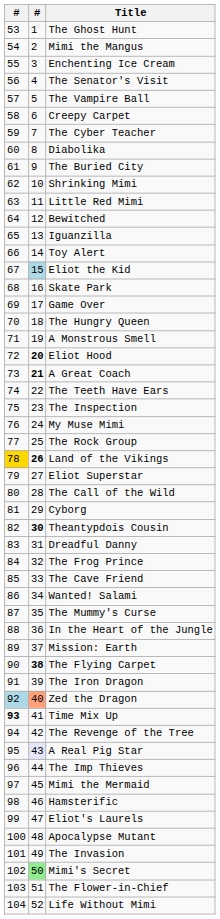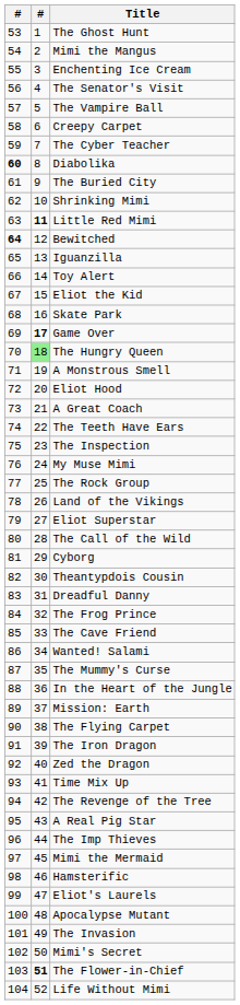 <table class="wikitable" border="1">
 <tr>
 <th>#</th>
 <th>#</th>
 <th>Title</th>
 </tr>
 <tr>
 <td>53</td>
 <td>1</td>
 <td>The Ghost Hunt</td>
 </tr>
 <tr>
 <td>54</td>
 <td>2</td>
 <td>Mimi the Mangus</td>
 </tr>
 <tr>
 <td>55</td>
 <td>3</td>
 <td>Enchenting Ice Cream</td>
 </tr>
 <tr>
 <td>56</td>
 <td>4</td>
 <td>The Senator's Visit</td>
 </tr>
 <tr>
 <td>57</td>
 <td>5</td>
 <td>The Vampire Ball</td>
 </tr>
 <tr>
 <td>58</td>
 <td>6</td>
 <td>Creepy Carpet</td>
 </tr>
 <tr>
 <td>59</td>
 <td>7</td>
 <td>The Cyber Teacher</td>
 </tr>
 <tr>
-<td>60</td>
+<td><strong>60</strong></td>
 <td>8</td>
 <td>Diabolika</td>
 </tr>
 <tr>
 <td>61</td>
 <td>9</td>
 <td>The Buried City</td>
 </tr>
 <tr>
 <td>62</td>
 <td>10</td>
 <td>Shrinking Mimi</td>
 </tr>
 <tr>
 <td>63</td>
-<td>11</td>
+<td><strong>11</strong></td>
 <td>Little Red Mimi</td>
 </tr>
 <tr>
-<td>64</td>
+<td><strong>64</strong></td>
 <td>12</td>
 <td>Bewitched</td>
 </tr>
 <tr>
 <td>65</td>
 <td>13</td>
 <td>Iguanzilla</td>
 </tr>
 <tr>
 <td>66</td>
 <td>14</td>
 <td>Toy Alert</td>
 </tr>
 <tr>
 <td>67</td>
-<td style="background: lightblue;">15</td>
+<td>15</td>
 <td>Eliot the Kid</td>
 </tr>
 <tr>
 <td>68</td>
 <td>16</td>
 <td>Skate Park</td>
 </tr>
 <tr>
 <td>69</td>
-<td>17</td>
+<td><strong>17</strong></td>
 <td>Game Over</td>
 </tr>
 <tr>
 <td>70</td>
-<td>18</td>
+<td style="background: lightgreen;">18</td>
 <td>The Hungry Queen</td>
 </tr>
 <tr>
 <td>71</td>
 <td>19</td>
 <td>A Monstrous Smell</td>
 </tr>
 <tr>
 <td>72</td>
-<td><strong>20</strong></td>
+<td>20</td>
 <td>Eliot Hood</td>
 </tr>
 <tr>
 <td>73</td>
-<td><strong>21</strong></td>
+<td>21</td>
 <td>A Great Coach</td>
 </tr>
 <tr>
 <td>74</td>
 <td>22</td>
 <td>The Teeth Have Ears</td>
 </tr>
 <tr>
 <td>75</td>
 <td>23</td>
 <td>The Inspection</td>
 </tr>
 <tr>
 <td>76</td>
 <td>24</td>
 <td>My Muse Mimi</td>
 </tr>
 <tr>
 <td>77</td>
 <td>25</td>
 <td>The Rock Group</td>
 </tr>
 <tr>
-<td style="background: gold;">78</td>
-<td><strong>26</strong></td>
+<td>78</td>
+<td>26</td>
 <td>Land of the Vikings</td>
 </tr>
 <tr>
 <td>79</td>
 <td>27</td>
 <td>Eliot Superstar</td>
 </tr>
 <tr>
 <td>80</td>
 <td>28</td>
 <td>The Call of the Wild</td>
 </tr>
 <tr>
 <td>81</td>
 <td>29</td>
 <td>Cyborg</td>
 </tr>
 <tr>
 <td>82</td>
-<td><strong>30</strong></td>
+<td>30</td>
 <td>Theantypdois Cousin</td>
 </tr>
 <tr>
 <td>83</td>
 <td>31</td>
 <td>Dreadful Danny</td>
 </tr>
 <tr>
 <td>84</td>
 <td>32</td>
 <td>The Frog Prince</td>
 </tr>
 <tr>
 <td>85</td>
 <td>33</td>
 <td>The Cave Friend</td>
 </tr>
 <tr>
 <td>86</td>
 <td>34</td>
 <td>Wanted! Salami</td>
 </tr>
 <tr>
 <td>87</td>
 <td>35</td>
 <td>The Mummy's Curse</td>
 </tr>
 <tr>
 <td>88</td>
 <td>36</td>
 <td>In the Heart of the Jungle</td>
 </tr>
 <tr>
 <td>89</td>
 <td>37</td>
 <td>Mission: Earth</td>
 </tr>
 <tr>
 <td>90</td>
-<td><strong>38</strong></td>
+<td>38</td>
 <td>The Flying Carpet</td>
 </tr>
 <tr>
 <td>91</td>
 <td>39</td>
 <td>The Iron Dragon</td>
 </tr>
 <tr>
-<td style="background: lightblue;">92</td>
-<td style="background: lightsalmon;">40</td>
+<td>92</td>
+<td>40</td>
 <td>Zed the Dragon</td>
 </tr>
 <tr>
-<td><strong>93</strong></td>
+<td>93</td>
 <td>41</td>
 <td>Time Mix Up</td>
 </tr>
 <tr>
 <td>94</td>
 <td>42</td>
 <td>The Revenge of the Tree</td>
 </tr>
 <tr>
 <td>95</td>
-<td style="background: lavender;">43</td>
+<td>43</td>
 <td>A Real Pig Star</td>
 </tr>
 <tr>
 <td>96</td>
 <td>44</td>
 <td>The Imp Thieves</td>
 </tr>
 <tr>
 <td>97</td>
 <td>45</td>
 <td>Mimi the Mermaid</td>
 </tr>
 <tr>
 <td>98</td>
 <td>46</td>
 <td>Hamsterific</td>
 </tr>
 <tr>
 <td>99</td>
 <td>47</td>
 <td>Eliot's Laurels</td>
 </tr>
 <tr>
 <td>100</td>
 <td>48</td>
 <td>Apocalypse Mutant</td>
 </tr>
 <tr>
 <td>101</td>
 <td>49</td>
 <td>The Invasion</td>
 </tr>
 <tr>
 <td>102</td>
-<td style="background: lightgreen;">50</td>
+<td>50</td>
 <td>Mimi's Secret</td>
 </tr>
 <tr>
 <td>103</td>
-<td>51</td>
+<td><strong>51</strong></td>
 <td>The Flower-in-Chief</td>
 </tr>
 <tr>
 <td>104</td>
 <td>52</td>
 <td>Life Without Mimi</td>
 </tr>
 </table>
